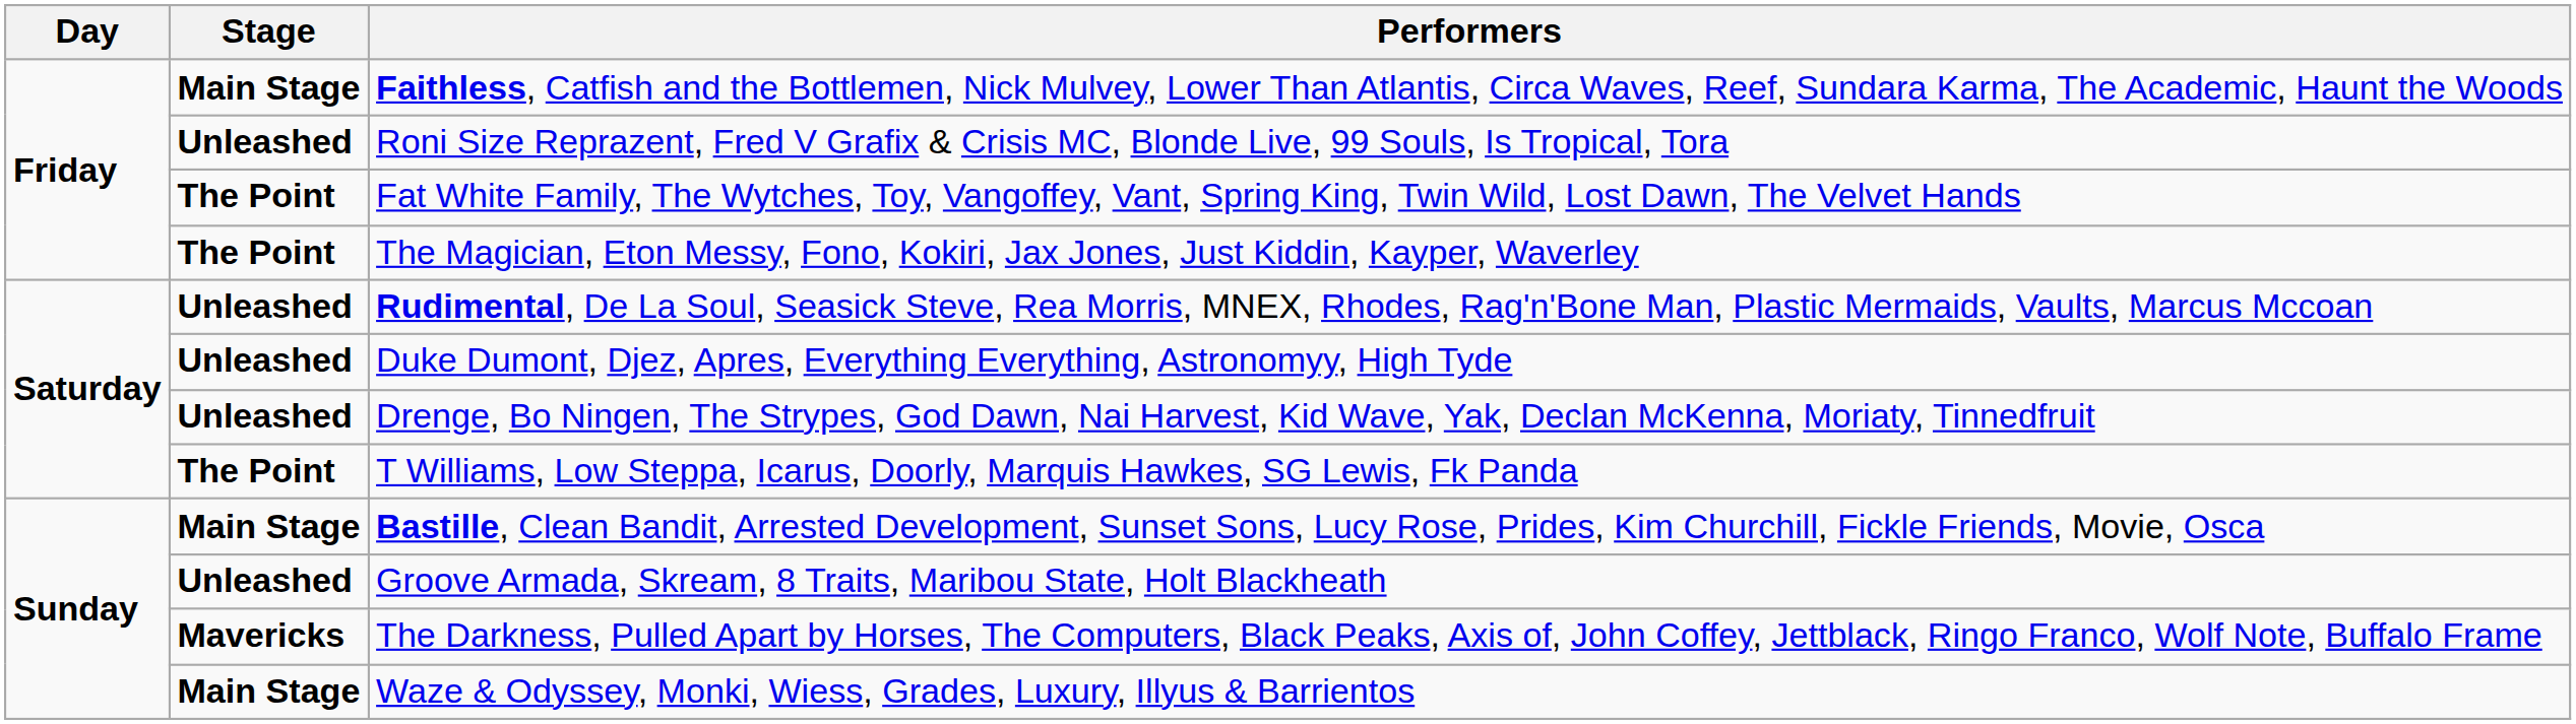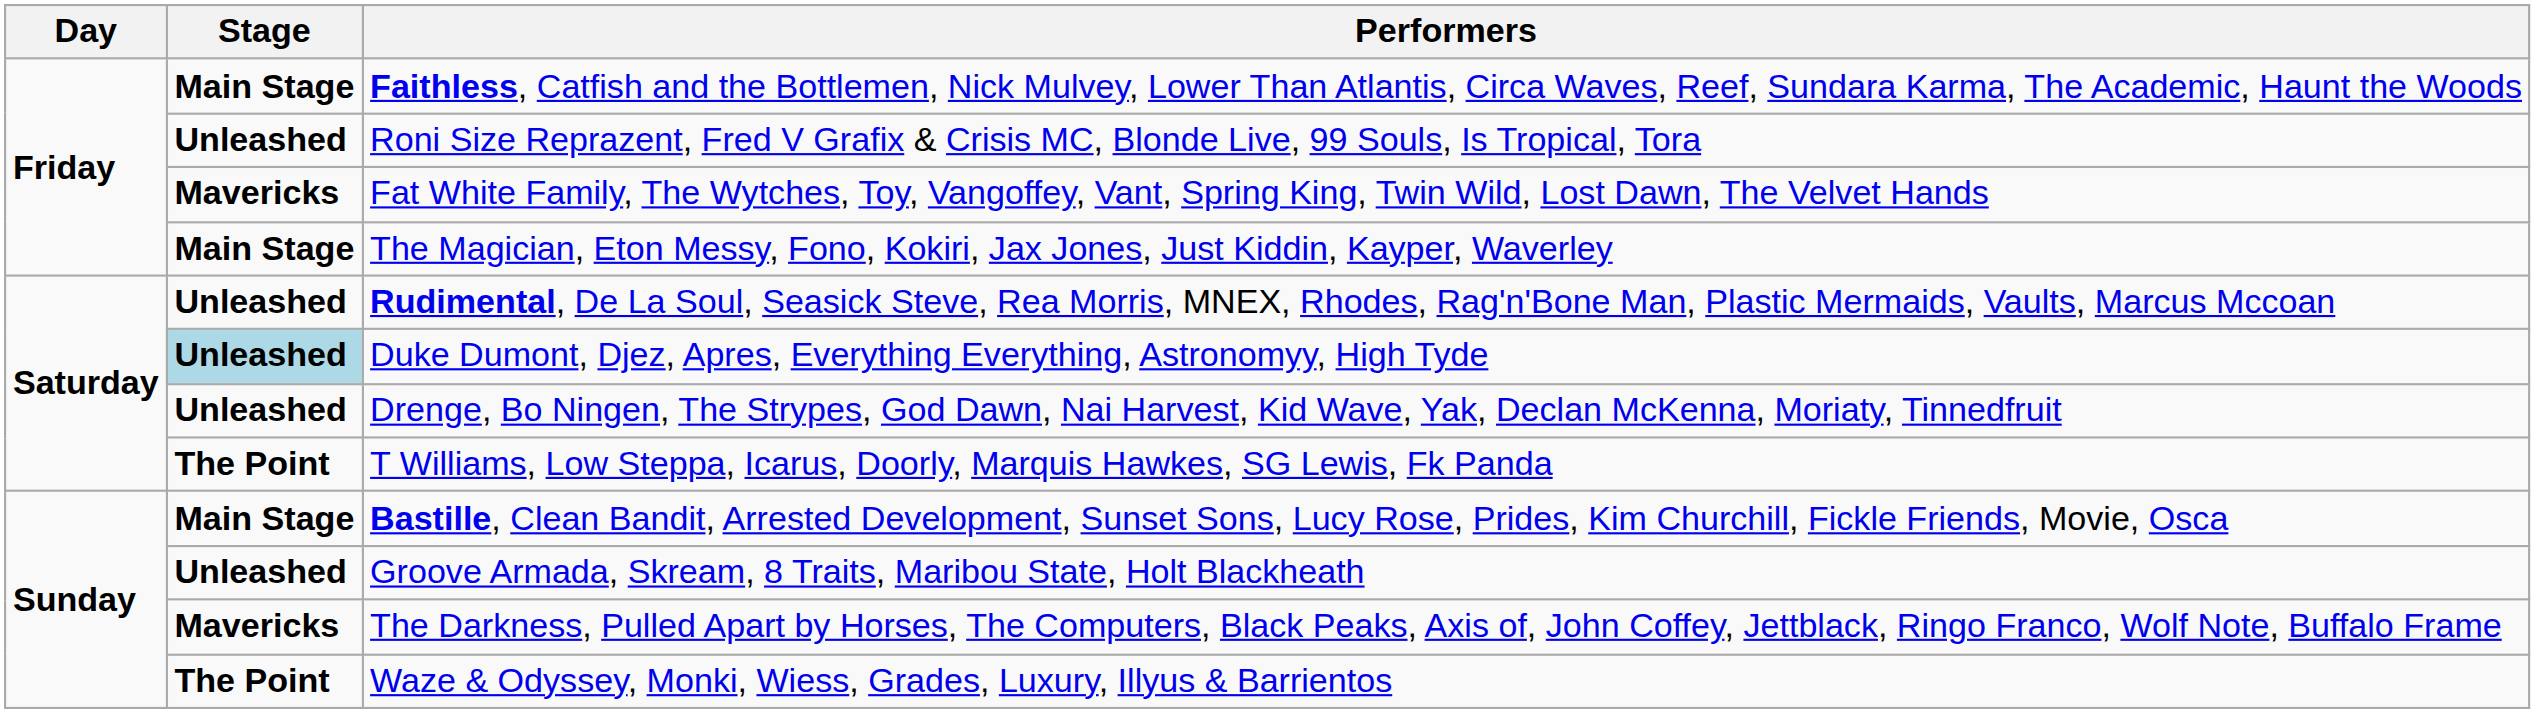 <table class="wikitable">
 <tr>
 <th><strong>Day</strong></th>
 <th><strong>Stage</strong></th>
 <th><strong>Performers</strong></th>
 </tr>
 <tr>
 <td rowspan="4"><strong>Friday</strong></td>
 <td><strong>Main Stage</strong></td>
 <td><strong><a href='#'>Faithless</a></strong>, <a href='#'>Catfish and the Bottlemen</a>, <a href='#'>Nick Mulvey</a>, <a href='#'>Lower Than Atlantis</a>, <a href='#'>Circa Waves</a>, <a href='#'>Reef</a>, <a href='#'>Sundara Karma</a>, <a href='#'>The Academic</a>, <a href='#'>Haunt the Woods</a></td>
 </tr>
 <tr>
 <td><strong>Unleashed</strong></td>
 <td><a href='#'>Roni Size Reprazent</a>, <a href='#'>Fred V Grafix</a> & <a href='#'>Crisis MC</a>, <a href='#'>Blonde Live</a>, <a href='#'>99 Souls</a>, <a href='#'>Is Tropical</a>, <a href='#'>Tora</a></td>
 </tr>
 <tr>
-<td><strong>The Point</strong></td>
+<td><strong>Mavericks</strong></td>
 <td><a href='#'>Fat White Family</a>, <a href='#'>The Wytches</a>, <a href='#'>Toy</a>, <a href='#'>Vangoffey</a>, <a href='#'>Vant</a>, <a href='#'>Spring King</a>, <a href='#'>Twin Wild</a>, <a href='#'>Lost Dawn</a>, <a href='#'>The Velvet Hands</a></td>
 </tr>
 <tr>
-<td><strong>The Point</strong></td>
+<td><strong>Main Stage</strong></td>
 <td><a href='#'>The Magician</a>, <a href='#'>Eton Messy</a>, <a href='#'>Fono</a>, <a href='#'>Kokiri</a>, <a href='#'>Jax Jones</a>, <a href='#'>Just Kiddin</a>, <a href='#'>Kayper</a>, <a href='#'>Waverley</a></td>
 </tr>
 <tr>
 <td rowspan="4"><strong>Saturday</strong></td>
 <td><strong>Unleashed</strong></td>
 <td><strong><a href='#'>Rudimental</a></strong>, <a href='#'>De La Soul</a>, <a href='#'>Seasick Steve</a>, <a href='#'>Rea Morris</a>, MNEX, <a href='#'>Rhodes</a>, <a href='#'>Rag'n'Bone Man</a>, <a href='#'>Plastic Mermaids</a>, <a href='#'>Vaults</a>, <a href='#'>Marcus Mccoan</a></td>
 </tr>
 <tr>
-<td><strong>Unleashed</strong></td>
+<td style="background: lightblue;"><strong>Unleashed</strong></td>
 <td><a href='#'>Duke Dumont</a>, <a href='#'>Djez</a>, <a href='#'>Apres</a>, <a href='#'>Everything Everything</a>, <a href='#'>Astronomyy</a>, <a href='#'>High Tyde</a></td>
 </tr>
 <tr>
 <td><strong>Unleashed</strong></td>
 <td><a href='#'>Drenge</a>, <a href='#'>Bo Ningen</a>, <a href='#'>The Strypes</a>, <a href='#'>God Dawn</a>, <a href='#'>Nai Harvest</a>, <a href='#'>Kid Wave</a>, <a href='#'>Yak</a>, <a href='#'>Declan McKenna</a>, <a href='#'>Moriaty</a>, <a href='#'>Tinnedfruit</a></td>
 </tr>
 <tr>
 <td><strong>The Point</strong></td>
 <td><a href='#'>T Williams</a>, <a href='#'>Low Steppa</a>, <a href='#'>Icarus</a>, <a href='#'>Doorly</a>, <a href='#'>Marquis Hawkes</a>, <a href='#'>SG Lewis</a>, <a href='#'>Fk Panda</a></td>
 </tr>
 <tr>
 <td rowspan="4"><strong>Sunday</strong></td>
 <td><strong>Main Stage</strong></td>
 <td><strong><a href='#'>Bastille</a></strong>, <a href='#'>Clean Bandit</a>, <a href='#'>Arrested Development</a>, <a href='#'>Sunset Sons</a>, <a href='#'>Lucy Rose</a>, <a href='#'>Prides</a>, <a href='#'>Kim Churchill</a>, <a href='#'>Fickle Friends</a>, Movie, <a href='#'>Osca</a></td>
 </tr>
 <tr>
 <td><strong>Unleashed</strong></td>
 <td><a href='#'>Groove Armada</a>, <a href='#'>Skream</a>, <a href='#'>8 Traits</a>, <a href='#'>Maribou State</a>, <a href='#'>Holt Blackheath</a></td>
 </tr>
 <tr>
 <td><strong>Mavericks</strong></td>
 <td><a href='#'>The Darkness</a>, <a href='#'>Pulled Apart by Horses</a>, <a href='#'>The Computers</a>, <a href='#'>Black Peaks</a>, <a href='#'>Axis of</a>, <a href='#'>John Coffey</a>, <a href='#'>Jettblack</a>, <a href='#'>Ringo Franco</a>, <a href='#'>Wolf Note</a>, <a href='#'>Buffalo Frame</a></td>
 </tr>
 <tr>
-<td><strong>Main Stage</strong></td>
+<td><strong>The Point</strong></td>
 <td><a href='#'>Waze & Odyssey</a>, <a href='#'>Monki</a>, <a href='#'>Wiess</a>, <a href='#'>Grades</a>, <a href='#'>Luxury</a>, <a href='#'>Illyus & Barrientos</a></td>
 </tr>
 </table>
